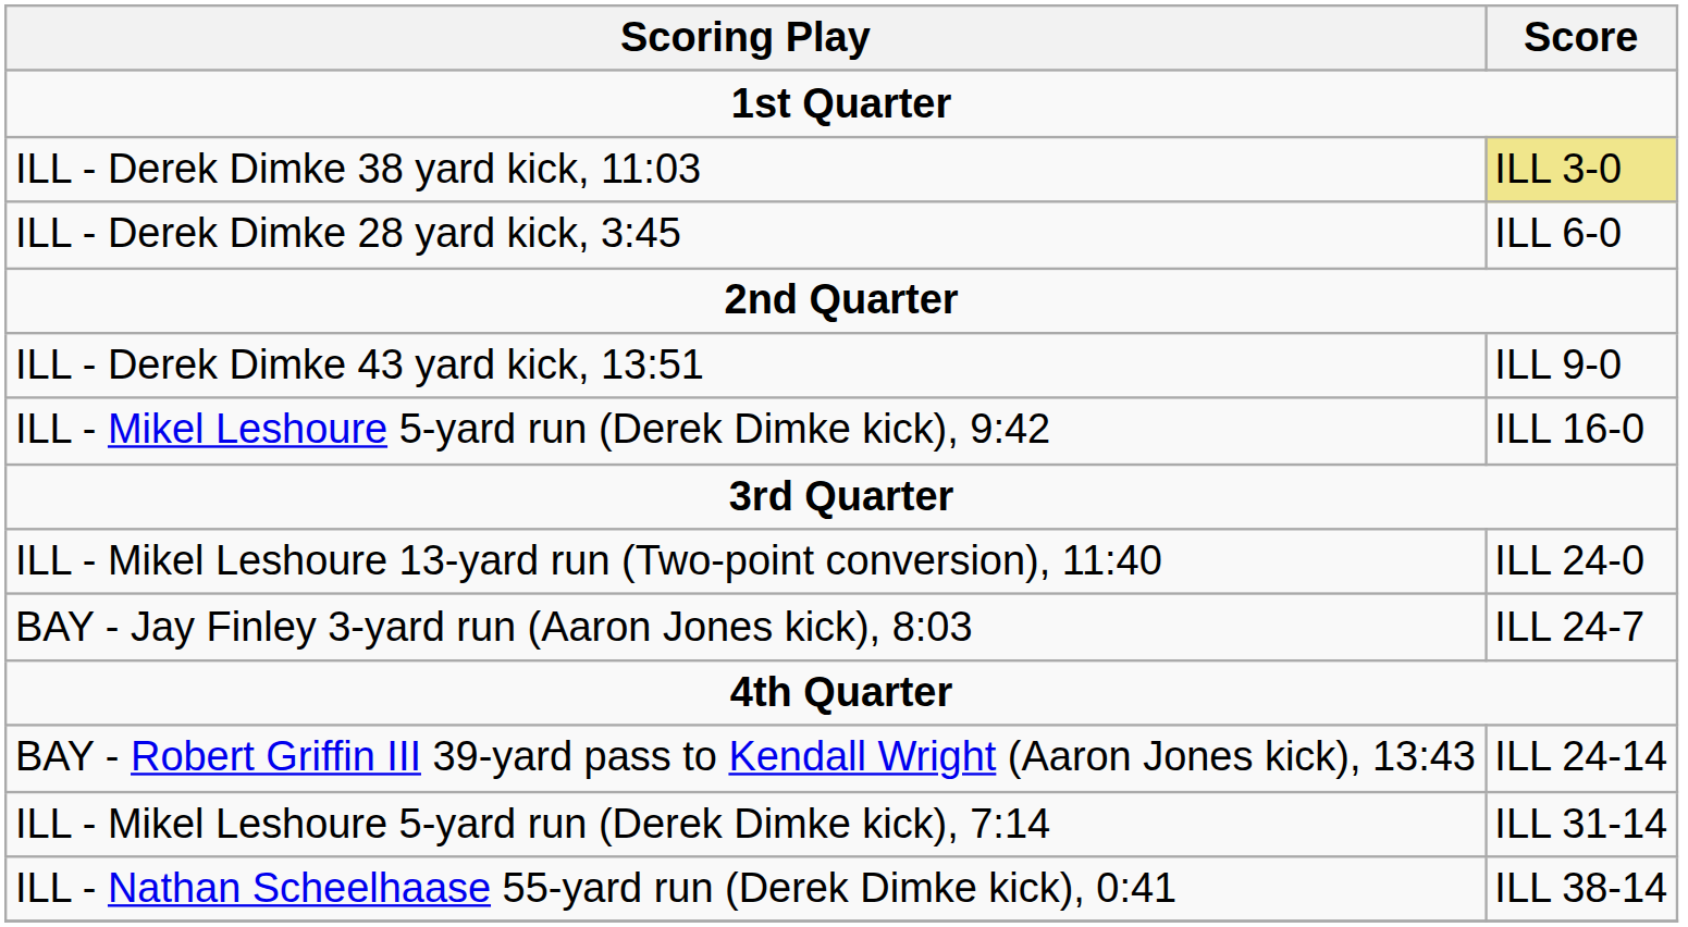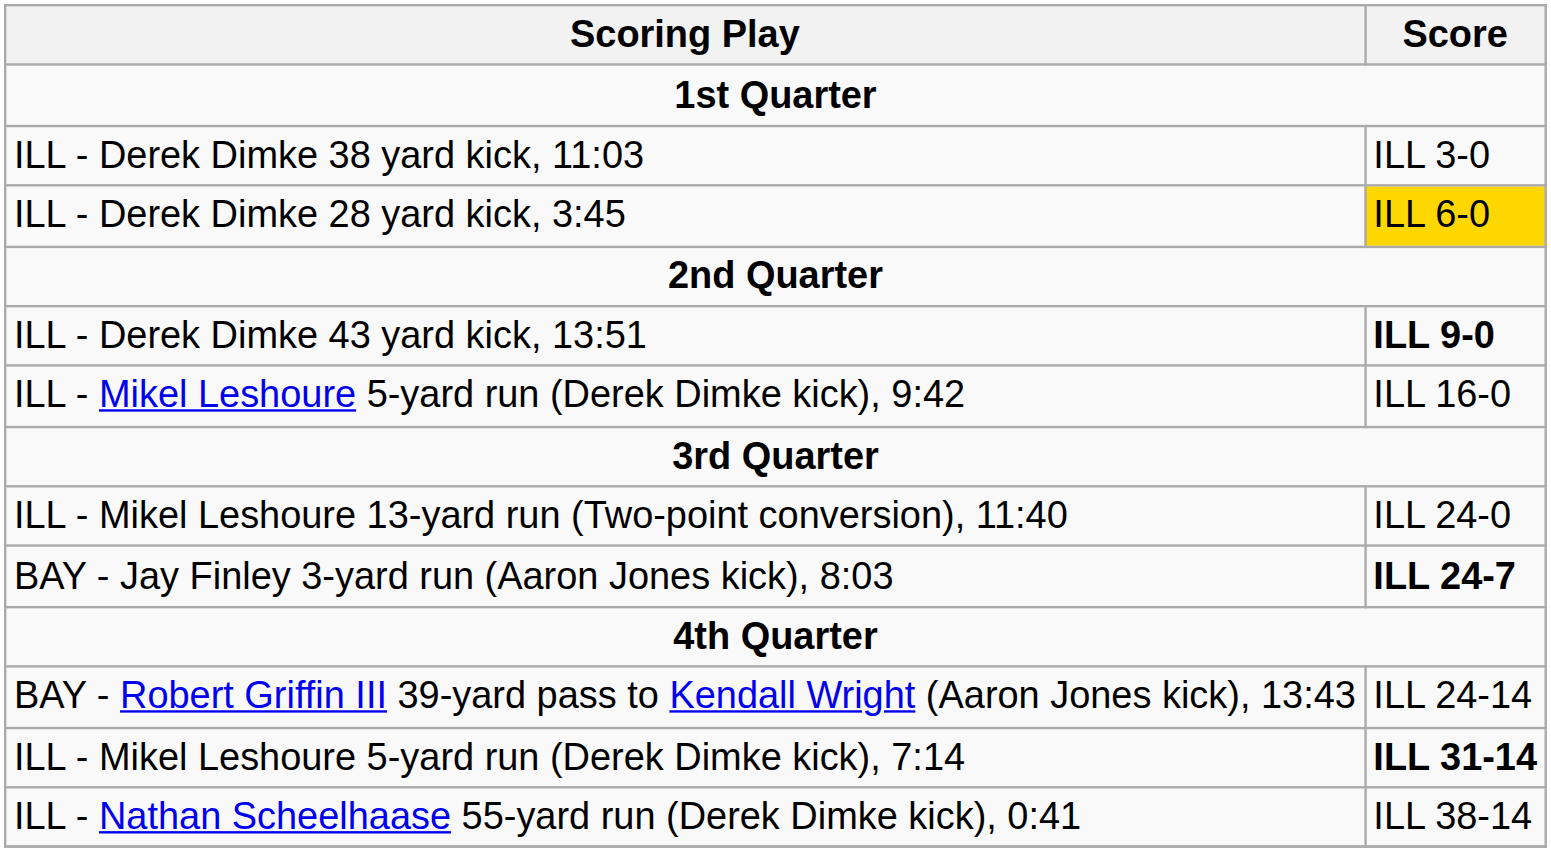 <table class="wikitable">
 <tr>
 <th>Scoring Play</th>
 <th>Score</th>
 </tr>
 <tr>
 <td colspan="4" align="center"><strong>1st Quarter</strong></td>
 </tr>
 <tr>
 <td>ILL - Derek Dimke 38 yard kick, 11:03</td>
-<td style="background: khaki;">ILL 3-0</td>
+<td>ILL 3-0</td>
 </tr>
 <tr>
 <td>ILL - Derek Dimke 28 yard kick, 3:45</td>
-<td>ILL 6-0</td>
+<td style="background: gold;">ILL 6-0</td>
 </tr>
 <tr>
 <td colspan="4" align="center"><strong>2nd Quarter</strong></td>
 </tr>
 <tr>
 <td>ILL - Derek Dimke 43 yard kick, 13:51</td>
-<td>ILL 9-0</td>
+<td><strong>ILL 9-0</strong></td>
 </tr>
 <tr>
 <td>ILL - <a href='#'>Mikel Leshoure</a> 5-yard run (Derek Dimke kick), 9:42</td>
 <td>ILL 16-0</td>
 </tr>
 <tr>
 <td colspan="4" align="center"><strong>3rd Quarter</strong></td>
 </tr>
 <tr>
 <td>ILL - Mikel Leshoure 13-yard run (Two-point conversion), 11:40</td>
 <td>ILL 24-0</td>
 </tr>
 <tr>
 <td>BAY - Jay Finley 3-yard run (Aaron Jones kick), 8:03</td>
-<td>ILL 24-7</td>
+<td><strong>ILL 24-7</strong></td>
 </tr>
 <tr>
 <td colspan="4" align="center"><strong>4th Quarter</strong></td>
 </tr>
 <tr>
 <td>BAY - <a href='#'>Robert Griffin III</a> 39-yard pass to <a href='#'>Kendall Wright</a> (Aaron Jones kick), 13:43</td>
 <td>ILL 24-14</td>
 </tr>
 <tr>
 <td>ILL - Mikel Leshoure 5-yard run (Derek Dimke kick), 7:14</td>
-<td>ILL 31-14</td>
+<td><strong>ILL 31-14</strong></td>
 </tr>
 <tr>
 <td>ILL - <a href='#'>Nathan Scheelhaase</a> 55-yard run (Derek Dimke kick), 0:41</td>
 <td>ILL 38-14</td>
 </tr>
 <tr>
 </tr>
 </table>
